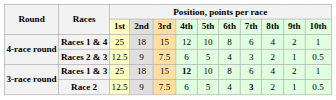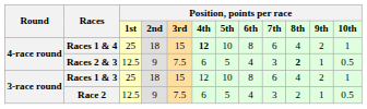 <table class="wikitable" style="font-size: 85%; text-align:center">
 <tr>
 <th rowspan=2>Round</th>
 <th rowspan=2>Races</th>
 <th colspan=10>Position, points per race</th>
 </tr>
 <tr>
 <td style="background:#FFFFBF"> <strong>1st</strong> </td>
 <td style="background:#DFDFDF"> <strong>2nd</strong> </td>
 <td style="background:#FFDF9F"> <strong>3rd</strong> </td>
 <td style="background:#DFFFDF"> <strong>4th</strong> </td>
 <td style="background:#DFFFDF"> <strong>5th</strong> </td>
 <td style="background:#DFFFDF"> <strong>6th</strong> </td>
 <td style="background:#DFFFDF"> <strong>7th</strong> </td>
 <td style="background:#DFFFDF"> <strong>8th</strong> </td>
 <td style="background:#DFFFDF"> <strong>9th</strong> </td>
 <td style="background:#DFFFDF"> <strong>10th</strong> </td>
 </tr>
 <tr>
 <th rowspan=2>4-race round</th>
 <th>Races 1 & 4</th>
 <td style="background:#FFFFBF">25</td>
 <td style="background:#DFDFDF">18</td>
 <td style="background:#FFDF9F">15</td>
-<td style="background:#DFFFDF">12</td>
+<td style="background:#DFFFDF"><strong>12</strong></td>
 <td style="background:#DFFFDF">10</td>
 <td style="background:#DFFFDF">8</td>
 <td style="background:#DFFFDF">6</td>
 <td style="background:#DFFFDF">4</td>
 <td style="background:#DFFFDF">2</td>
 <td style="background:#DFFFDF">1</td>
 </tr>
 <tr>
 <th>Races 2 & 3</th>
 <td style="background:#FFFFBF">12.5</td>
 <td style="background:#DFDFDF">9</td>
 <td style="background:#FFDF9F">7.5</td>
 <td style="background:#DFFFDF">6</td>
 <td style="background:#DFFFDF">5</td>
 <td style="background:#DFFFDF">4</td>
 <td style="background:#DFFFDF">3</td>
-<td style="background:#DFFFDF">2</td>
+<td style="background:#DFFFDF"><strong>2</strong></td>
 <td style="background:#DFFFDF">1</td>
 <td style="background:#DFFFDF">0.5</td>
 </tr>
 <tr>
 <th rowspan=2>3-race round</th>
 <th>Races 1 & 3</th>
 <td style="background:#FFFFBF">25</td>
 <td style="background:#DFDFDF">18</td>
 <td style="background:#FFDF9F">15</td>
-<td style="background:#DFFFDF"><strong>12</strong></td>
+<td style="background:#DFFFDF">12</td>
 <td style="background:#DFFFDF">10</td>
 <td style="background:#DFFFDF">8</td>
 <td style="background:#DFFFDF">6</td>
 <td style="background:#DFFFDF">4</td>
 <td style="background:#DFFFDF">2</td>
 <td style="background:#DFFFDF">1</td>
 </tr>
 <tr>
 <th>Race 2</th>
 <td style="background:#FFFFBF">12.5</td>
 <td style="background:#DFDFDF">9</td>
 <td style="background:#FFDF9F">7.5</td>
 <td style="background:#DFFFDF">6</td>
 <td style="background:#DFFFDF">5</td>
 <td style="background:#DFFFDF">4</td>
-<td style="background:#DFFFDF"><strong>3</strong></td>
+<td style="background:#DFFFDF">3</td>
 <td style="background:#DFFFDF">2</td>
 <td style="background:#DFFFDF">1</td>
 <td style="background:#DFFFDF">0.5</td>
 </tr>
 </table>
